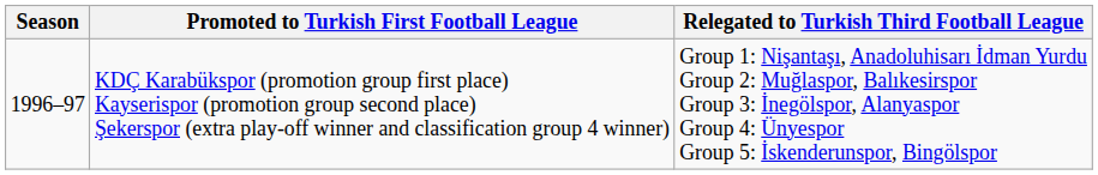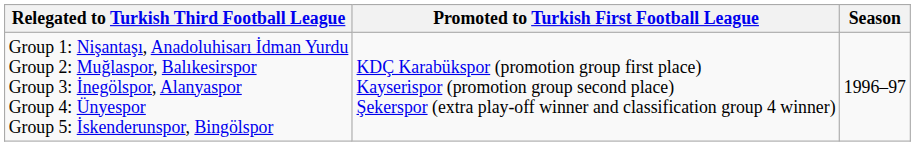 <table class="wikitable">
 <tr>
+<th>Relegated to <a href='#'>Turkish Third Football League</a></th>
+<th>Promoted to <a href='#'>Turkish First Football League</a></th>
 <th>Season</th>
-<th>Promoted to <a href='#'>Turkish First Football League</a></th>
-<th>Relegated to <a href='#'>Turkish Third Football League</a></th>
 </tr>
 <tr>
+<td>Group 1: <a href='#'>Nişantaşı</a>, <a href='#'>Anadoluhisarı İdman Yurdu</a><br>Group 2: <a href='#'>Muğlaspor</a>, <a href='#'>Balıkesirspor</a><br>Group 3: <a href='#'>İnegölspor</a>, <a href='#'>Alanyaspor</a><br>Group 4: <a href='#'>Ünyespor</a><br>Group 5: <a href='#'>İskenderunspor</a>, <a href='#'>Bingölspor</a></td>
+<td><a href='#'>KDÇ Karabükspor</a> (promotion group first place)<br><a href='#'>Kayserispor</a> (promotion group second place)<br><a href='#'>Şekerspor</a> (extra play-off winner and classification group 4 winner)</td>
 <td>1996–97</td>
-<td><a href='#'>KDÇ Karabükspor</a> (promotion group first place)<br><a href='#'>Kayserispor</a> (promotion group second place)<br><a href='#'>Şekerspor</a> (extra play-off winner and classification group 4 winner)</td>
-<td>Group 1: <a href='#'>Nişantaşı</a>, <a href='#'>Anadoluhisarı İdman Yurdu</a><br>Group 2: <a href='#'>Muğlaspor</a>, <a href='#'>Balıkesirspor</a><br>Group 3: <a href='#'>İnegölspor</a>, <a href='#'>Alanyaspor</a><br>Group 4: <a href='#'>Ünyespor</a><br>Group 5: <a href='#'>İskenderunspor</a>, <a href='#'>Bingölspor</a></td>
 </tr>
 </table>
